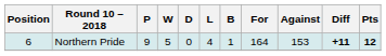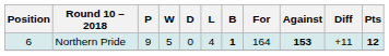 <table class="wikitable" style="text-align:center; font-size:85%;">
 <tr style="background: #d7ebed;">
 <th width="40" abbr="Position">Position</th>
 <th width="100">Round 10 – 2018</th>
 <th width="20" abbr="Played">P</th>
 <th width="20" abbr="Won">W</th>
 <th width="20" abbr="Drawn">D</th>
 <th width="20" abbr="Lost">L</th>
 <th width="20" abbr="Bye">B</th>
 <th width="40" abbr="Points for">For</th>
 <th width="40" abbr="Points against">Against</th>
 <th width="40" abbr="Points difference">Diff</th>
 <th width=20 abbr="Points">Pts</th>
 </tr>
 <tr style="background: #d7ebed;">
 <td>6</td>
 <td style="text-align:left;"> Northern Pride</td>
 <td>9</td>
 <td>5</td>
 <td>0</td>
 <td>4</td>
-<td>1</td>
+<td><strong>1</strong></td>
 <td>164</td>
-<td>153</td>
-<td><strong>+11</strong></td>
+<td><strong>153</strong></td>
+<td>+11</td>
 <td><strong>12</strong></td>
 </tr>
 <tr>
 </tr>
 </table>
